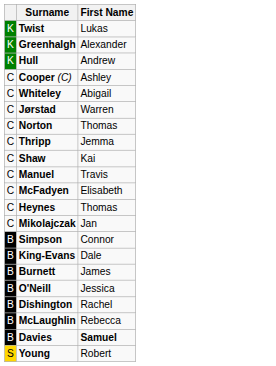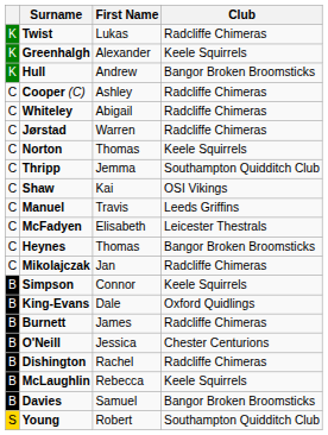 <table class="wikitable sortable mw-collapsible mw-collapsed">
 <tr>
 <th></th>
 <th>Surname</th>
 <th>First Name</th>
+<th>Club</th>
 </tr>
 <tr>
 <td style="text-align:center; background:Green; color:white">K</td>
 <td><strong>Twist</strong></td>
 <td>Lukas</td>
+<td>Radcliffe Chimeras</td>
 </tr>
 <tr>
 <td style="text-align:center; background:Green; color:white">K</td>
 <td><strong>Greenhalgh</strong></td>
 <td>Alexander</td>
+<td>Keele Squirrels</td>
 </tr>
 <tr>
 <td style="text-align:center; background:Green; color:white">K</td>
 <td><strong>Hull</strong></td>
 <td>Andrew</td>
+<td>Bangor Broken Broomsticks</td>
 </tr>
 <tr>
 <td>C</td>
 <td><strong>Cooper</strong> <em>(C)</em></td>
 <td>Ashley</td>
+<td>Radcliffe Chimeras</td>
 </tr>
 <tr>
 <td>C</td>
 <td><strong>Whiteley</strong></td>
 <td>Abigail</td>
+<td>Radcliffe Chimeras</td>
 </tr>
 <tr>
 <td>C</td>
 <td><strong>Jørstad</strong></td>
 <td>Warren</td>
+<td>Radcliffe Chimeras</td>
 </tr>
 <tr>
 <td>C</td>
 <td><strong>Norton</strong></td>
 <td>Thomas</td>
+<td>Keele Squirrels</td>
 </tr>
 <tr>
 <td>C</td>
 <td><strong>Thripp</strong></td>
 <td>Jemma</td>
+<td>Southampton Quidditch Club</td>
 </tr>
 <tr>
 <td>C</td>
 <td><strong>Shaw</strong></td>
 <td>Kai</td>
+<td>OSI Vikings</td>
 </tr>
 <tr>
 <td>C</td>
 <td><strong>Manuel</strong></td>
 <td>Travis</td>
+<td>Leeds Griffins</td>
 </tr>
 <tr>
 <td>C</td>
 <td><strong>McFadyen</strong></td>
 <td>Elisabeth</td>
+<td>Leicester Thestrals</td>
 </tr>
 <tr>
 <td>C</td>
 <td><strong>Heynes</strong></td>
 <td>Thomas</td>
+<td>Bangor Broken Broomsticks</td>
 </tr>
 <tr>
 <td>C</td>
 <td><strong>Mikolajczak</strong></td>
 <td>Jan</td>
+<td>Radcliffe Chimeras</td>
 </tr>
 <tr>
 <td style="text-align:center; background:Black; color:white">B</td>
 <td><strong>Simpson</strong></td>
 <td>Connor</td>
+<td>Keele Squirrels</td>
 </tr>
 <tr>
 <td style="text-align:center; background:Black; color:white">B</td>
 <td><strong>King-Evans</strong></td>
 <td>Dale</td>
+<td>Oxford Quidlings</td>
 </tr>
 <tr>
 <td style="text-align:center; background:Black; color:white">B</td>
 <td><strong>Burnett</strong></td>
 <td>James</td>
+<td>Radcliffe Chimeras</td>
 </tr>
 <tr>
 <td style="text-align:center; background:Black; color:white">B</td>
 <td><strong>O'Neill</strong></td>
 <td>Jessica</td>
+<td>Chester Centurions</td>
 </tr>
 <tr>
 <td style="text-align:center; background:Black; color:white">B</td>
 <td><strong>Dishington</strong></td>
 <td>Rachel</td>
+<td>Radcliffe Chimeras</td>
 </tr>
 <tr>
 <td style="text-align:center; background:Black; color:white">B</td>
 <td><strong>McLaughlin</strong></td>
 <td>Rebecca</td>
+<td>Keele Squirrels</td>
 </tr>
 <tr>
 <td style="text-align:center; background:Black; color:white">B</td>
 <td><strong>Davies</strong></td>
-<td><strong>Samuel</strong></td>
+<td>Samuel</td>
+<td>Bangor Broken Broomsticks</td>
 </tr>
 <tr>
 <td style="text-align:center; background:Gold">S</td>
 <td><strong>Young</strong></td>
 <td>Robert</td>
+<td>Southampton Quidditch Club</td>
 </tr>
 </table>
